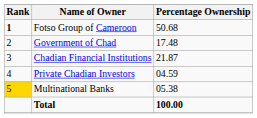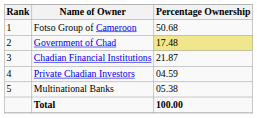 <table class="wikitable sortable">
 <tr>
 </tr>
 <tr>
 <th>Rank</th>
 <th>Name of Owner</th>
 <th>Percentage Ownership</th>
 </tr>
 <tr>
-<td><strong>1</strong></td>
+<td>1</td>
 <td>Fotso Group of <a href='#'>Cameroon</a></td>
 <td>50.68</td>
 </tr>
 <tr>
 <td>2</td>
 <td><a href='#'>Government of Chad</a></td>
-<td>17.48</td>
+<td style="background: khaki;">17.48</td>
 </tr>
 <tr>
 <td>3</td>
 <td><a href='#'>Chadian Financial Institutions</a></td>
 <td>21.87</td>
 </tr>
 <tr>
 <td>4</td>
 <td><a href='#'>Private Chadian Investors</a></td>
 <td>04.59</td>
 </tr>
 <tr>
-<td style="background: gold;">5</td>
+<td>5</td>
 <td>Multinational Banks</td>
 <td>05.38</td>
 </tr>
 <tr>
 <td></td>
 <td><strong>Total</strong></td>
 <td><strong>100.00</strong></td>
 </tr>
 <tr>
 </tr>
 </table>
